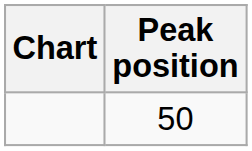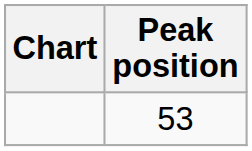 <table class="wikitable">
 <tr>
 <th>Chart</th>
 <th>Peak<br>position</th>
 </tr>
 <tr>
 <td></td>
-<td align="center">50</td>
+<td align="center">53</td>
 </tr>
 </table>
